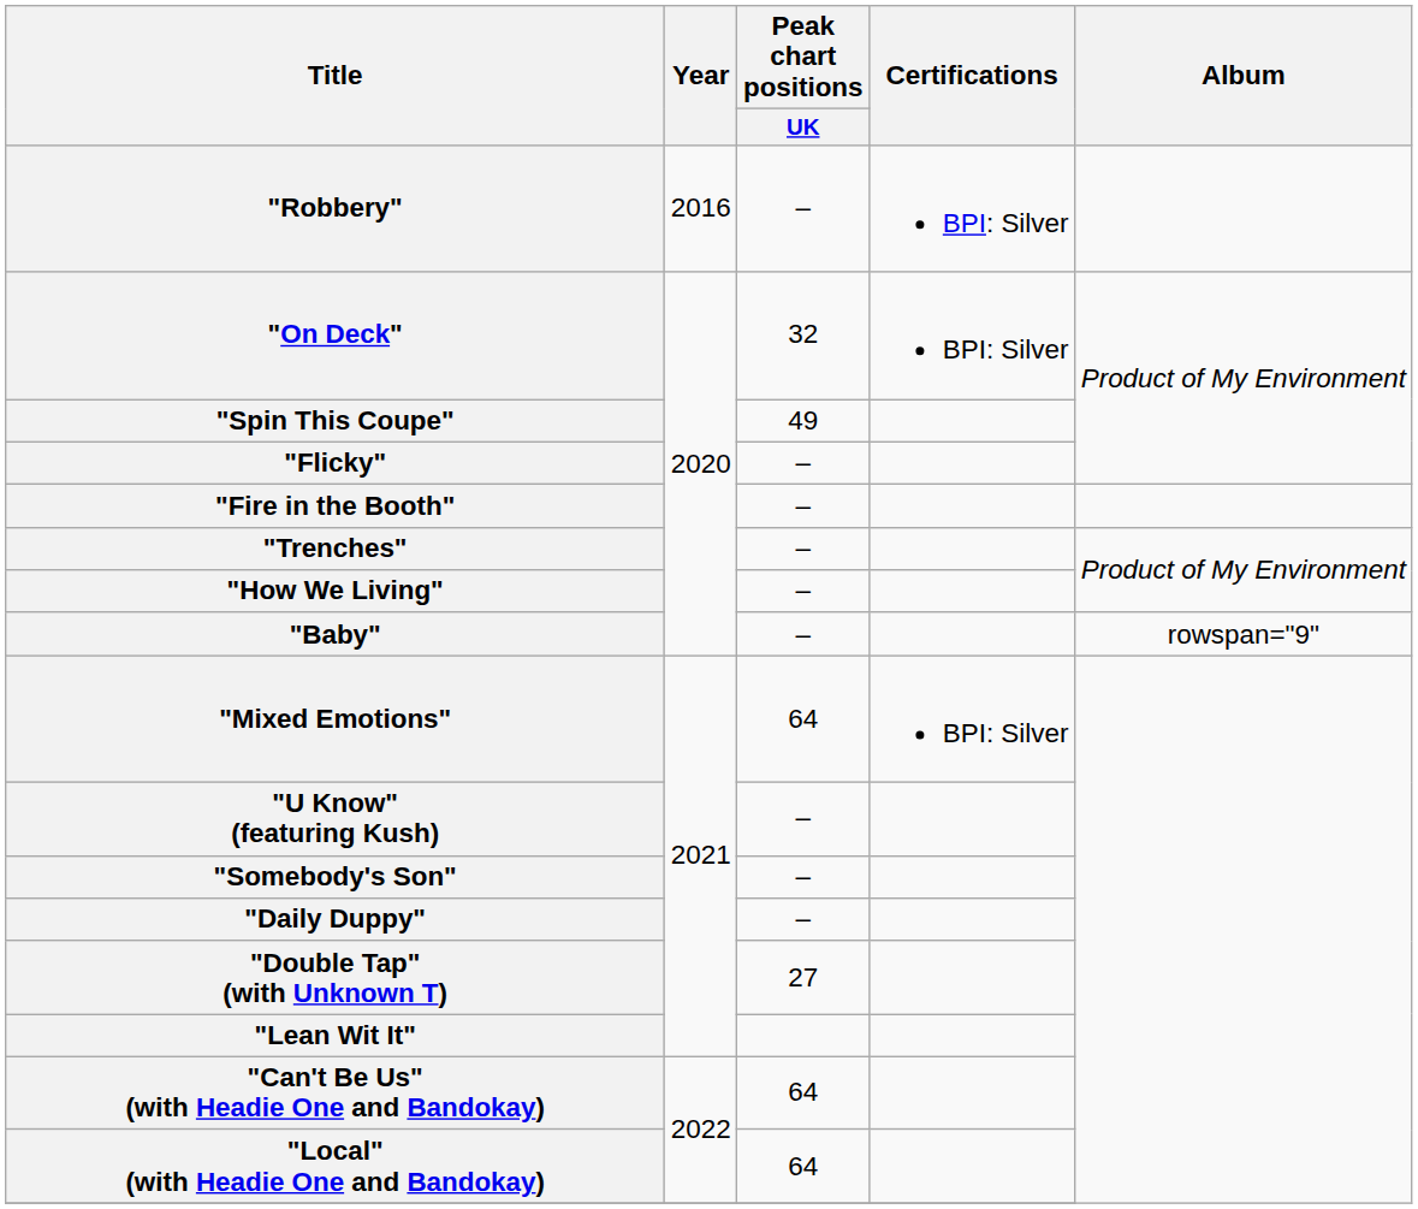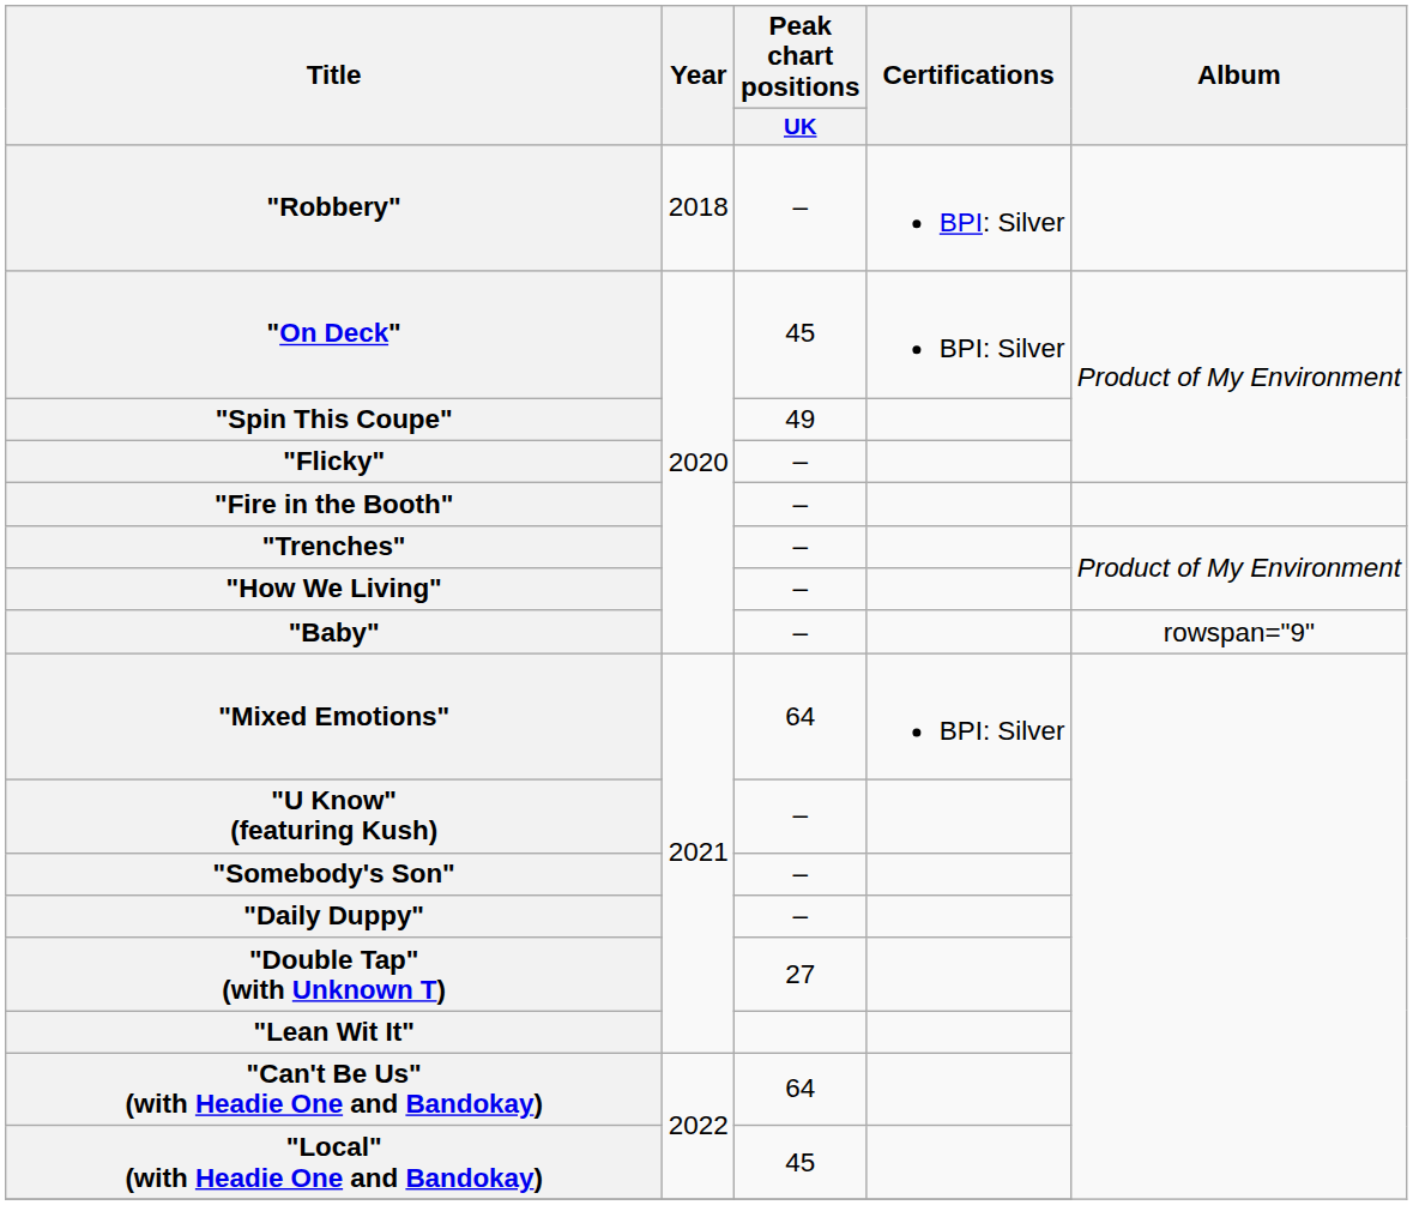 <table class="wikitable plainrowheaders" style="text-align:center;">
 <tr>
 <th scope="col" rowspan="2" style="width:24em;">Title</th>
 <th scope="col" rowspan="2" style="width:1em;">Year</th>
 <th scope="col" colspan="1">Peak chart positions</th>
 <th scope="col" rowspan="2">Certifications</th>
 <th scope="col" rowspan="2">Album</th>
 </tr>
 <tr>
 <th scope="col" style="width:3em;font-size:85%;"><a href='#'>UK</a><br></th>
 </tr>
 <tr>
 <th scope="row">"Robbery"</th>
-<td>2016</td>
+<td>2018</td>
 <td>–</td>
 <td><br><ul><li><a href='#'>BPI</a>: Silver</li></ul></td>
 <td></td>
 </tr>
 <tr>
 <th scope="row">"<a href='#'>On Deck</a>"</th>
 <td rowspan="7">2020</td>
-<td>32</td>
+<td>45</td>
 <td><br><ul><li>BPI: Silver</li></ul></td>
 <td rowspan="3"><em>Product of My Environment</em></td>
 </tr>
 <tr>
 <th scope="row">"Spin This Coupe"</th>
 <td>49</td>
 <td></td>
 </tr>
 <tr>
 <th scope="row">"Flicky"</th>
 <td>–</td>
 <td></td>
 </tr>
 <tr>
 <th scope="row">"Fire in the Booth"</th>
 <td>–</td>
 <td></td>
 <td></td>
 </tr>
 <tr>
 <th scope="row">"Trenches"</th>
 <td>–</td>
 <td></td>
 <td rowspan="2"><em>Product of My Environment</em></td>
 </tr>
 <tr>
 <th scope="row">"How We Living"</th>
 <td>–</td>
 <td></td>
 </tr>
 <tr>
 <th scope="row">"Baby"</th>
 <td>–</td>
 <td></td>
 <td>rowspan="9" </td>
 </tr>
 <tr>
 <th scope="row">"Mixed Emotions"</th>
 <td rowspan="6">2021</td>
 <td>64</td>
 <td><br><ul><li>BPI: Silver</li></ul></td>
 </tr>
 <tr>
 <th scope="row">"U Know"<br><span>(featuring Kush)</span></th>
 <td>–</td>
 <td></td>
 </tr>
 <tr>
 <th scope="row">"Somebody's Son"</th>
 <td>–</td>
 <td></td>
 </tr>
 <tr>
 <th scope="row">"Daily Duppy"</th>
 <td>–</td>
 <td></td>
 </tr>
 <tr>
 <th scope="row">"Double Tap"<br><span>(with <a href='#'>Unknown T</a>)</span></th>
 <td>27</td>
 <td></td>
 </tr>
 <tr>
 <th scope="row">"Lean Wit It"</th>
 <td></td>
 <td></td>
 </tr>
 <tr>
 <th scope="row">"Can't Be Us"<br><span>(with <a href='#'>Headie One</a> and <a href='#'>Bandokay</a>)</span></th>
 <td rowspan=2>2022</td>
 <td>64</td>
 <td></td>
 </tr>
 <tr>
 <th scope="row">"Local"<br><span>(with <a href='#'>Headie One</a> and <a href='#'>Bandokay</a>)</span></th>
-<td>64</td>
+<td>45</td>
 <td></td>
 </tr>
 <tr>
 </tr>
 </table>
